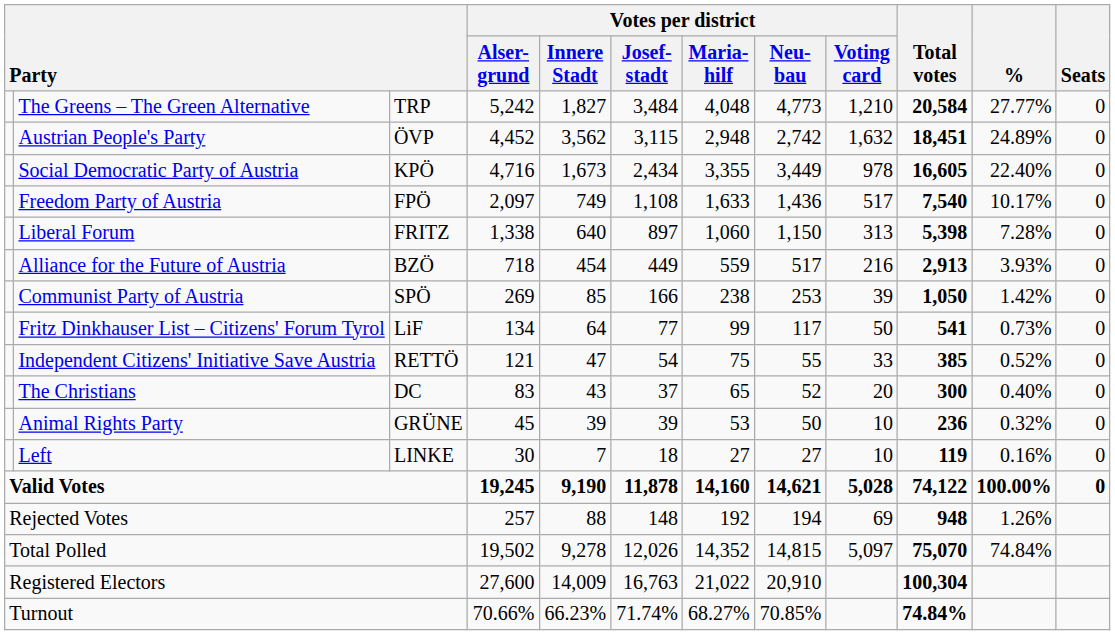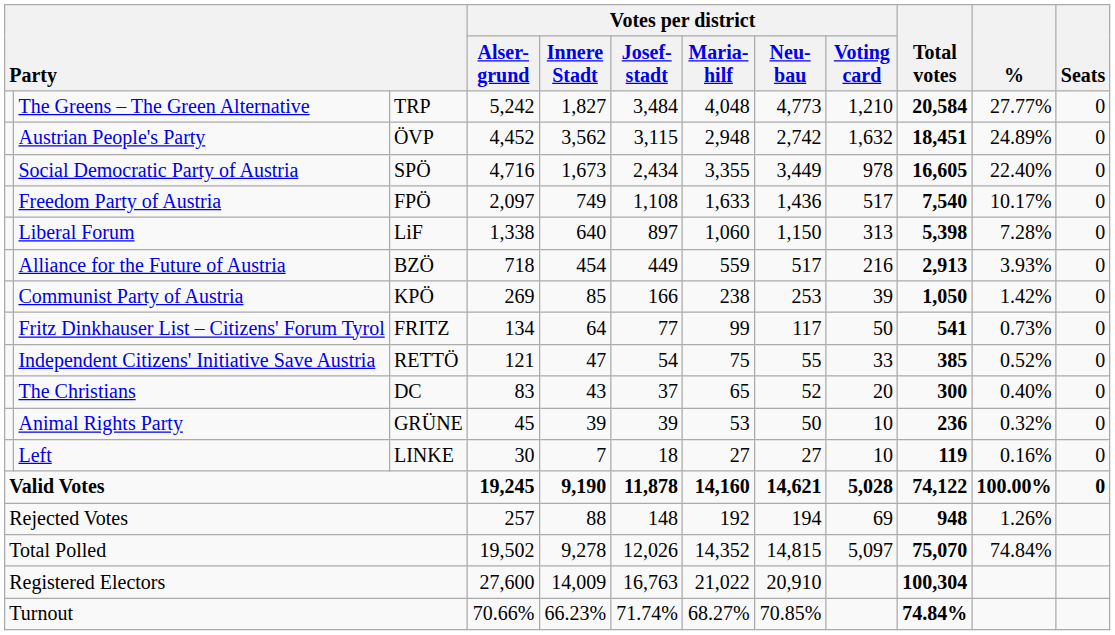 <table class="wikitable" border="1" style="text-align:right;">
 <tr>
 <th style="text-align:left;" valign=bottom rowspan=2 colspan=3>Party</th>
 <th colspan=6>Votes per district</th>
 <th align=center valign=bottom rowspan=2 width="50">Total<br>votes</th>
 <th align=center valign=bottom rowspan=2 width="50">%</th>
 <th align=center valign=bottom rowspan=2>Seats</th>
 </tr>
 <tr>
 <th align=center valign=bottom width="50"><a href='#'>Alser-<br>grund</a></th>
 <th align=center valign=bottom width="50"><a href='#'>Innere<br>Stadt</a></th>
 <th align=center valign=bottom width="50"><a href='#'>Josef-<br>stadt</a></th>
 <th align=center valign=bottom width="50"><a href='#'>Maria-<br>hilf</a></th>
 <th align=center valign=bottom width="50"><a href='#'>Neu-<br>bau</a></th>
 <th align=center valign=bottom width="50"><a href='#'>Voting<br>card</a></th>
 </tr>
 <tr>
 <td></td>
 <td align=left style="white-space: nowrap;"><a href='#'>The Greens – The Green Alternative</a></td>
 <td align=left>TRP</td>
 <td>5,242</td>
 <td>1,827</td>
 <td>3,484</td>
 <td>4,048</td>
 <td>4,773</td>
 <td>1,210</td>
 <td><strong>20,584</strong></td>
 <td>27.77%</td>
 <td>0</td>
 </tr>
 <tr>
 <td></td>
 <td align=left><a href='#'>Austrian People's Party</a></td>
 <td align=left>ÖVP</td>
 <td>4,452</td>
 <td>3,562</td>
 <td>3,115</td>
 <td>2,948</td>
 <td>2,742</td>
 <td>1,632</td>
 <td><strong>18,451</strong></td>
 <td>24.89%</td>
 <td>0</td>
 </tr>
 <tr>
 <td></td>
 <td align=left><a href='#'>Social Democratic Party of Austria</a></td>
-<td align=left>KPÖ</td>
+<td align=left>SPÖ</td>
 <td>4,716</td>
 <td>1,673</td>
 <td>2,434</td>
 <td>3,355</td>
 <td>3,449</td>
 <td>978</td>
 <td><strong>16,605</strong></td>
 <td>22.40%</td>
 <td>0</td>
 </tr>
 <tr>
 <td></td>
 <td align=left><a href='#'>Freedom Party of Austria</a></td>
 <td align=left>FPÖ</td>
 <td>2,097</td>
 <td>749</td>
 <td>1,108</td>
 <td>1,633</td>
 <td>1,436</td>
 <td>517</td>
 <td><strong>7,540</strong></td>
 <td>10.17%</td>
 <td>0</td>
 </tr>
 <tr>
 <td></td>
 <td align=left><a href='#'>Liberal Forum</a></td>
-<td align=left>FRITZ</td>
+<td align=left>LiF</td>
 <td>1,338</td>
 <td>640</td>
 <td>897</td>
 <td>1,060</td>
 <td>1,150</td>
 <td>313</td>
 <td><strong>5,398</strong></td>
 <td>7.28%</td>
 <td>0</td>
 </tr>
 <tr>
 <td></td>
 <td align=left><a href='#'>Alliance for the Future of Austria</a></td>
 <td align=left>BZÖ</td>
 <td>718</td>
 <td>454</td>
 <td>449</td>
 <td>559</td>
 <td>517</td>
 <td>216</td>
 <td><strong>2,913</strong></td>
 <td>3.93%</td>
 <td>0</td>
 </tr>
 <tr>
 <td></td>
 <td align=left><a href='#'>Communist Party of Austria</a></td>
-<td align=left>SPÖ</td>
+<td align=left>KPÖ</td>
 <td>269</td>
 <td>85</td>
 <td>166</td>
 <td>238</td>
 <td>253</td>
 <td>39</td>
 <td><strong>1,050</strong></td>
 <td>1.42%</td>
 <td>0</td>
 </tr>
 <tr>
 <td></td>
 <td align=left><a href='#'>Fritz Dinkhauser List – Citizens' Forum Tyrol </a></td>
-<td align=left>LiF</td>
+<td align=left>FRITZ</td>
 <td>134</td>
 <td>64</td>
 <td>77</td>
 <td>99</td>
 <td>117</td>
 <td>50</td>
 <td><strong>541</strong></td>
 <td>0.73%</td>
 <td>0</td>
 </tr>
 <tr>
 <td></td>
 <td align=left><a href='#'>Independent Citizens' Initiative Save Austria</a></td>
 <td align=left>RETTÖ</td>
 <td>121</td>
 <td>47</td>
 <td>54</td>
 <td>75</td>
 <td>55</td>
 <td>33</td>
 <td><strong>385</strong></td>
 <td>0.52%</td>
 <td>0</td>
 </tr>
 <tr>
 <td></td>
 <td align=left><a href='#'>The Christians</a></td>
 <td align=left>DC</td>
 <td>83</td>
 <td>43</td>
 <td>37</td>
 <td>65</td>
 <td>52</td>
 <td>20</td>
 <td><strong>300</strong></td>
 <td>0.40%</td>
 <td>0</td>
 </tr>
 <tr>
 <td></td>
 <td align=left><a href='#'>Animal Rights Party</a></td>
 <td align=left>GRÜNE</td>
 <td>45</td>
 <td>39</td>
 <td>39</td>
 <td>53</td>
 <td>50</td>
 <td>10</td>
 <td><strong>236</strong></td>
 <td>0.32%</td>
 <td>0</td>
 </tr>
 <tr>
 <td></td>
 <td align=left><a href='#'>Left</a></td>
 <td align=left>LINKE</td>
 <td>30</td>
 <td>7</td>
 <td>18</td>
 <td>27</td>
 <td>27</td>
 <td>10</td>
 <td><strong>119</strong></td>
 <td>0.16%</td>
 <td>0</td>
 </tr>
 <tr style="font-weight:bold">
 <td align=left colspan=3>Valid Votes</td>
 <td>19,245</td>
 <td>9,190</td>
 <td>11,878</td>
 <td>14,160</td>
 <td>14,621</td>
 <td>5,028</td>
 <td>74,122</td>
 <td>100.00%</td>
 <td>0</td>
 </tr>
 <tr>
 <td align=left colspan=3>Rejected Votes</td>
 <td>257</td>
 <td>88</td>
 <td>148</td>
 <td>192</td>
 <td>194</td>
 <td>69</td>
 <td><strong>948</strong></td>
 <td>1.26%</td>
 <td></td>
 </tr>
 <tr>
 <td align=left colspan=3>Total Polled</td>
 <td>19,502</td>
 <td>9,278</td>
 <td>12,026</td>
 <td>14,352</td>
 <td>14,815</td>
 <td>5,097</td>
 <td><strong>75,070</strong></td>
 <td>74.84%</td>
 <td></td>
 </tr>
 <tr>
 <td align=left colspan=3>Registered Electors</td>
 <td>27,600</td>
 <td>14,009</td>
 <td>16,763</td>
 <td>21,022</td>
 <td>20,910</td>
 <td></td>
 <td><strong>100,304</strong></td>
 <td></td>
 <td></td>
 </tr>
 <tr>
 <td align=left colspan=3>Turnout</td>
 <td>70.66%</td>
 <td>66.23%</td>
 <td>71.74%</td>
 <td>68.27%</td>
 <td>70.85%</td>
 <td></td>
 <td><strong>74.84%</strong></td>
 <td></td>
 <td></td>
 </tr>
 </table>
